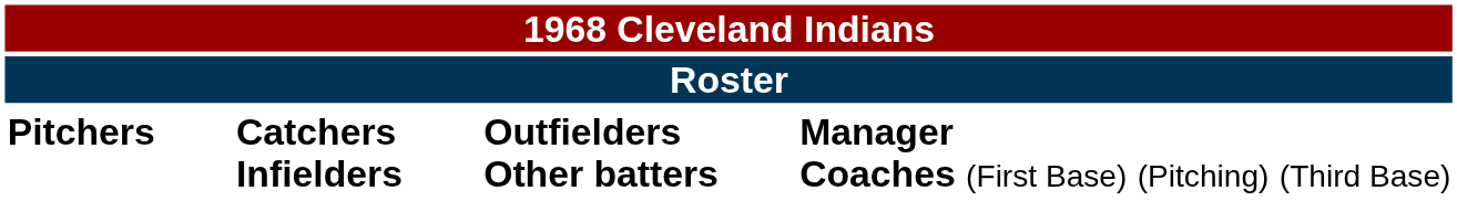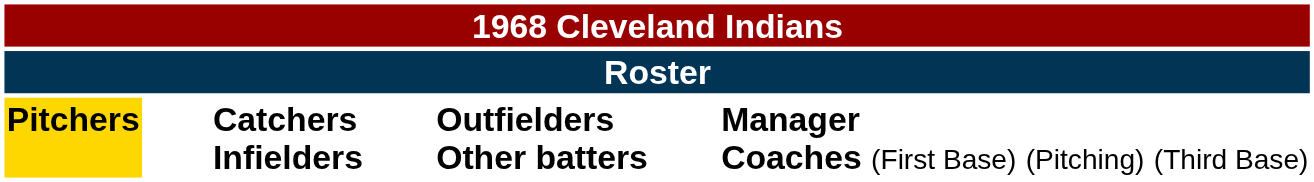 <table class="toccolours" style="font-size: 95%;">
 <tr>
 <th colspan="10" style="background-color: #990000; color: white; text-align: center;">1968 Cleveland Indians</th>
 </tr>
 <tr>
 <td colspan="10" style="background-color: #023456; color: white; text-align: center;"><strong>Roster</strong></td>
 </tr>
 <tr>
-<td valign="top"><strong>Pitchers</strong><br>               </td>
+<td valign="top" style="background: gold;"><strong>Pitchers</strong><br>               </td>
 <td width="25px"></td>
 <td valign="top"><strong>Catchers</strong><br>    <strong>Infielders</strong>          </td>
 <td width="25px"></td>
 <td valign="top"><strong>Outfielders</strong><br>           <strong>Other batters</strong> </td>
 <td width="25px"></td>
 <td valign="top"><strong>Manager</strong><br> <strong>Coaches</strong>  <small>(First Base)</small>  <small>(Pitching)</small>  <small>(Third Base)</small></td>
 </tr>
 </table>
